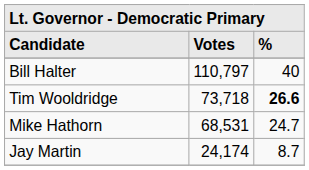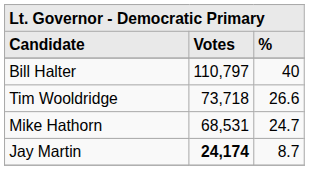 <table border="1" cellpadding="4" cellspacing="0" style="text-align:left;margin: 1em 1em 1em 0; background: #f9f9f9; border: 1px #aaa solid; border-collapse: collapse; font-size: 95%;">
 <tr style="background-color:#E9E9E9">
 <th colspan="3">Lt. Governor - Democratic Primary</th>
 </tr>
 <tr style="background-color:#E9E9E9">
 <th colspan="1" style="width: 170px">Candidate</th>
 <th style="width: 50px">Votes</th>
 <th style="width: 40px">%</th>
 </tr>
 <tr>
 </tr>
 <tr>
 <td>Bill Halter</td>
 <td style="text-align:right;">110,797</td>
 <td style="text-align:right;">40</td>
 </tr>
 <tr>
 <td>Tim Wooldridge</td>
 <td style="text-align:right;">73,718</td>
-<td style="text-align:right;"><strong>26.6</strong></td>
+<td style="text-align:right;">26.6</td>
 </tr>
 <tr>
 <td>Mike Hathorn</td>
 <td style="text-align:right;">68,531</td>
 <td style="text-align:right;">24.7</td>
 </tr>
 <tr>
 <td>Jay Martin</td>
-<td style="text-align:right;">24,174</td>
+<td style="text-align:right;"><strong>24,174</strong></td>
 <td style="text-align:right;">8.7</td>
 </tr>
 <tr>
 </tr>
 </table>
